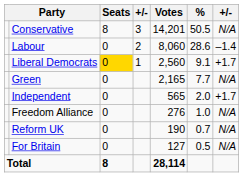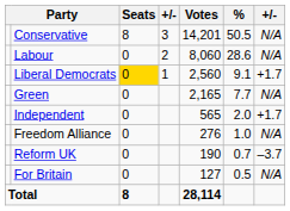 <table class="wikitable sortable">
 <tr>
 <th colspan="2">Party</th>
 <th>Seats</th>
 <th>+/-</th>
 <th>Votes</th>
 <th>%</th>
 <th>+/-</th>
 </tr>
 <tr>
 <td style="background-color: "></td>
 <td><a href='#'>Conservative</a></td>
 <td>8</td>
 <td> 3</td>
 <td style="text-align:right;">14,201</td>
 <td style="text-align:right;">50.5</td>
 <td style="text-align:right;"><em>N/A</em></td>
 </tr>
 <tr>
 <td style="background-color: "></td>
 <td><a href='#'>Labour</a></td>
 <td>0</td>
 <td> 2</td>
 <td style="text-align:right;">8,060</td>
 <td style="text-align:right;">28.6</td>
-<td style="text-align:right;">–1.4</td>
+<td style="text-align:right;"><em>N/A</em></td>
 </tr>
 <tr>
 <td style="background-color: "></td>
 <td><a href='#'>Liberal Democrats</a></td>
 <td style="background: gold;">0</td>
 <td> 1</td>
 <td style="text-align:right;">2,560</td>
 <td style="text-align:right;">9.1</td>
 <td style="text-align:right;">+1.7</td>
 </tr>
 <tr>
 <td style="background-color: "></td>
 <td><a href='#'>Green</a></td>
 <td>0</td>
 <td></td>
 <td style="text-align:right;">2,165</td>
 <td style="text-align:right;">7.7</td>
 <td style="text-align:right;"><em>N/A</em></td>
 </tr>
 <tr>
 <td style="background-color: "></td>
 <td><a href='#'>Independent</a></td>
 <td>0</td>
 <td></td>
 <td style="text-align:right;">565</td>
 <td style="text-align:right;">2.0</td>
 <td style="text-align:right;">+1.7</td>
 </tr>
 <tr>
 <td style="background-color: "></td>
 <td>Freedom Alliance</td>
 <td>0</td>
 <td></td>
 <td style="text-align:right;">276</td>
 <td style="text-align:right;">1.0</td>
 <td style="text-align:right;"><em>N/A</em></td>
 </tr>
 <tr>
 <td style="background-color: "></td>
 <td><a href='#'>Reform UK</a></td>
 <td>0</td>
 <td></td>
 <td style="text-align:right;">190</td>
 <td style="text-align:right;">0.7</td>
-<td style="text-align:right;"><em>N/A</em></td>
+<td style="text-align:right;">–3.7</td>
 </tr>
 <tr>
 <td style="background-color: "></td>
 <td><a href='#'>For Britain</a></td>
 <td>0</td>
 <td></td>
 <td style="text-align:right;">127</td>
 <td style="text-align:right;">0.5</td>
 <td style="text-align:right;"><em>N/A</em></td>
 </tr>
 <tr>
 <td colspan="2"><strong>Total</strong></td>
 <td><strong>8</strong></td>
 <td></td>
 <td style="text-align:right;"><strong>28,114</strong></td>
 <td style="text-align:right;"></td>
 <td style="text-align:right;"></td>
 </tr>
 </table>
